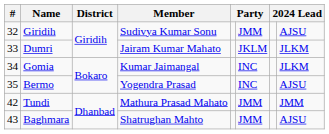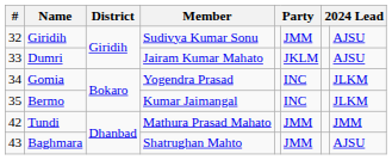 <table class="wikitable">
 <tr>
 <th>#</th>
 <th>Name</th>
 <th>District</th>
 <th>Member</th>
 <th colspan="2">Party</th>
 <th colspan="2">2024 Lead</th>
 </tr>
 <tr>
 <td>32</td>
 <td><a href='#'>Giridih</a></td>
 <td rowspan="2"><a href='#'>Giridih</a></td>
 <td><a href='#'>Sudivya Kumar Sonu</a></td>
 <td style="background-color: "></td>
 <td><a href='#'>JMM</a></td>
 <td style="background-color: "></td>
 <td><a href='#'>AJSU</a></td>
 </tr>
 <tr>
 <td>33</td>
 <td><a href='#'>Dumri</a></td>
 <td><a href='#'>Jairam Kumar Mahato</a></td>
 <td style="background-color: "></td>
 <td><a href='#'>JKLM</a></td>
 <td style="background-color: "></td>
-<td><a href='#'>JLKM</a></td>
+<td><a href='#'>AJSU</a></td>
 </tr>
 <tr>
 <td>34</td>
 <td><a href='#'>Gomia</a></td>
 <td rowspan="2"><a href='#'>Bokaro</a></td>
-<td><a href='#'>Kumar Jaimangal</a></td>
+<td><a href='#'>Yogendra Prasad</a></td>
 <td style="background-color: "></td>
 <td><a href='#'>INC</a></td>
 <td style="background-color: "></td>
 <td><a href='#'>JLKM</a></td>
 </tr>
 <tr>
 <td>35</td>
 <td><a href='#'>Bermo</a></td>
-<td><a href='#'>Yogendra Prasad</a></td>
+<td><a href='#'>Kumar Jaimangal</a></td>
 <td style="background-color: "></td>
 <td><a href='#'>INC</a></td>
 <td style="background-color: "></td>
-<td><a href='#'>AJSU</a></td>
+<td><a href='#'>JLKM</a></td>
 </tr>
 <tr>
 <td>42</td>
 <td><a href='#'>Tundi</a></td>
 <td rowspan="2"><a href='#'>Dhanbad</a></td>
 <td><a href='#'>Mathura Prasad Mahato</a></td>
 <td style="background-color: "></td>
 <td><a href='#'>JMM</a></td>
 <td style="background-color: "></td>
 <td><a href='#'>JMM</a></td>
 </tr>
 <tr>
 <td>43</td>
 <td><a href='#'>Baghmara</a></td>
 <td><a href='#'>Shatrughan Mahto</a></td>
 <td style="background-color: "></td>
 <td><a href='#'>JMM</a></td>
 <td style="background-color: "></td>
 <td><a href='#'>AJSU</a></td>
 </tr>
 </table>
